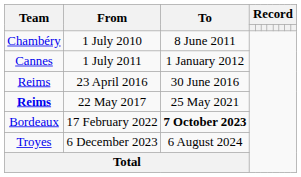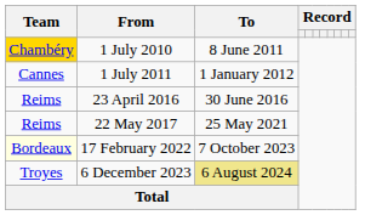 <table class="wikitable" style="text-align: center">
 <tr>
 <th rowspan="2">Team</th>
 <th rowspan="2">From</th>
 <th rowspan="2">To</th>
 <th colspan="8">Record</th>
 </tr>
 <tr>
 <th></th>
 <th></th>
 <th></th>
 <th></th>
 <th></th>
 <th></th>
 <th></th>
 <th></th>
 </tr>
 <tr>
-<td><a href='#'>Chambéry</a></td>
+<td style="background: gold;"><a href='#'>Chambéry</a></td>
 <td>1 July 2010</td>
 <td>8 June 2011<br></td>
 </tr>
 <tr>
 <td><a href='#'>Cannes</a></td>
 <td>1 July 2011</td>
 <td>1 January 2012<br></td>
 </tr>
 <tr>
 <td><a href='#'>Reims</a></td>
 <td>23 April 2016</td>
 <td>30 June 2016<br></td>
 </tr>
 <tr>
-<td><strong><a href='#'>Reims</a></strong></td>
+<td><a href='#'>Reims</a></td>
 <td>22 May 2017</td>
 <td>25 May 2021<br></td>
 </tr>
 <tr>
-<td><a href='#'>Bordeaux</a></td>
+<td style="background: lightyellow;"><a href='#'>Bordeaux</a></td>
 <td>17 February 2022</td>
-<td><strong>7 October 2023<br></strong></td>
+<td>7 October 2023<br></td>
 </tr>
 <tr>
 <td><a href='#'>Troyes</a></td>
 <td>6 December 2023</td>
-<td>6 August 2024<br></td>
+<td style="background: khaki;">6 August 2024<br></td>
 </tr>
 <tr>
 <th colspan="3">Total<br></th>
 </tr>
 </table>
